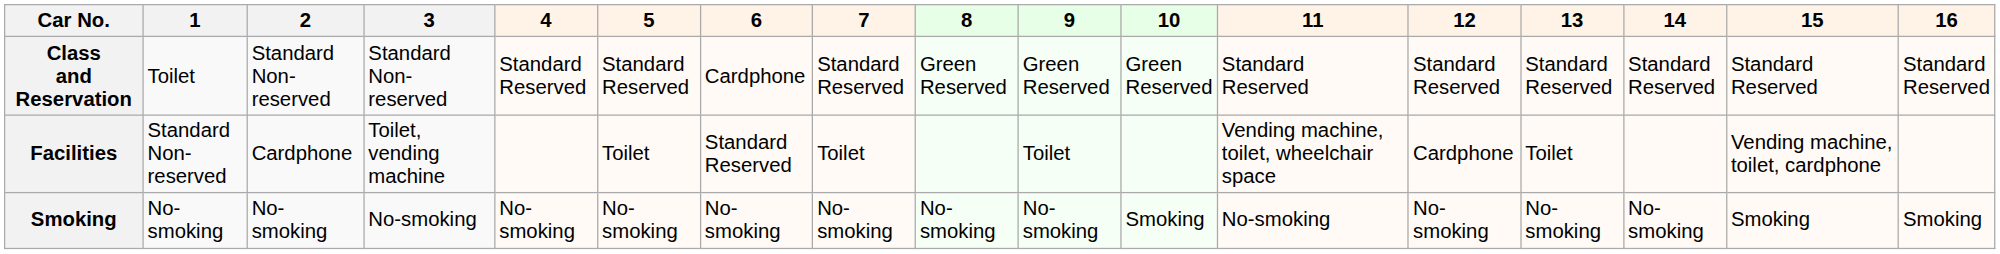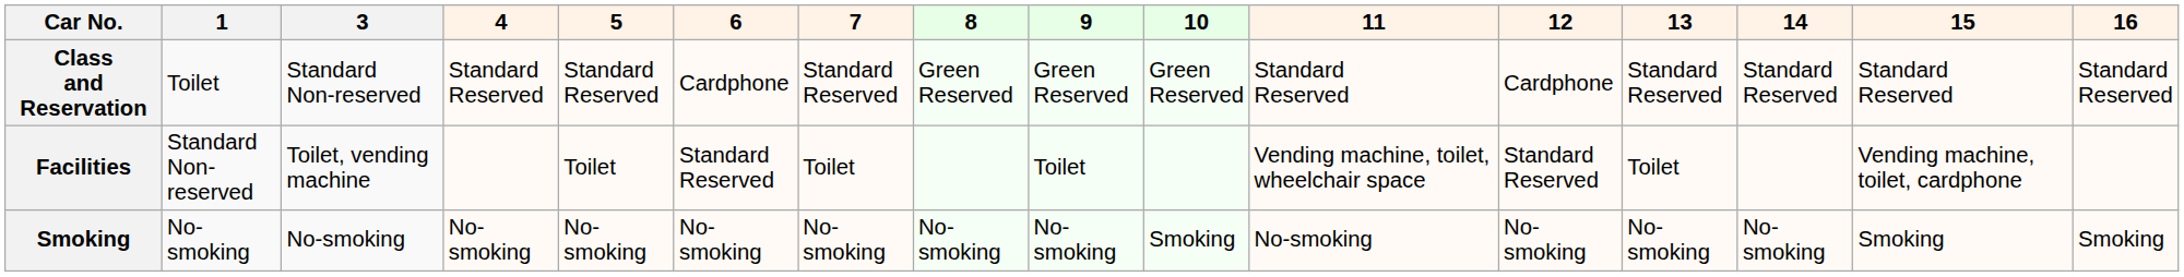 <table class="wikitable">
 <tr>
 <th>Car No.</th>
 <th>1</th>
-<th>2</th>
 <th>3</th>
 <th style="background: #FFF2E6">4</th>
 <th style="background: #FFF2E6">5</th>
 <th style="background: #FFF2E6">6</th>
 <th style="background: #FFF2E6">7</th>
 <th style="background: #E6FFE6">8</th>
 <th style="background: #E6FFE6">9</th>
 <th style="background: #E6FFE6">10</th>
 <th style="background: #FFF2E6">11</th>
 <th style="background: #FFF2E6">12</th>
 <th style="background: #FFF2E6">13</th>
 <th style="background: #FFF2E6">14</th>
 <th style="background: #FFF2E6">15</th>
 <th style="background: #FFF2E6">16</th>
 </tr>
 <tr>
 <th>Class<br>and Reservation</th>
 <td>Toilet</td>
 <td>Standard<br>Non-reserved</td>
-<td>Standard<br>Non-reserved</td>
 <td style="background: #FFFAF5">Standard<br>Reserved</td>
 <td style="background: #FFFAF5">Standard<br>Reserved</td>
 <td style="background: #FFFAF5">Cardphone</td>
 <td style="background: #FFFAF5">Standard<br>Reserved</td>
 <td style="background: #F5FFF5">Green<br>Reserved</td>
 <td style="background: #F5FFF5">Green<br>Reserved</td>
 <td style="background: #F5FFF5">Green<br>Reserved</td>
 <td style="background: #FFFAF5">Standard<br>Reserved</td>
-<td style="background: #FFFAF5">Standard<br>Reserved</td>
+<td style="background: #FFFAF5">Cardphone</td>
 <td style="background: #FFFAF5">Standard<br>Reserved</td>
 <td style="background: #FFFAF5">Standard<br>Reserved</td>
 <td style="background: #FFFAF5">Standard<br>Reserved</td>
 <td style="background: #FFFAF5">Standard<br>Reserved</td>
 </tr>
 <tr>
 <th>Facilities</th>
 <td>Standard<br>Non-reserved</td>
-<td>Cardphone</td>
 <td>Toilet, vending machine</td>
 <td style="background: #FFFAF5"> </td>
 <td style="background: #FFFAF5">Toilet</td>
 <td style="background: #FFFAF5">Standard<br>Reserved</td>
 <td style="background: #FFFAF5">Toilet</td>
 <td style="background: #F5FFF5"> </td>
 <td style="background: #F5FFF5">Toilet</td>
 <td style="background: #F5FFF5"> </td>
 <td style="background: #FFFAF5">Vending machine, toilet, wheelchair space</td>
-<td style="background: #FFFAF5">Cardphone</td>
+<td style="background: #FFFAF5">Standard<br>Reserved</td>
 <td style="background: #FFFAF5">Toilet</td>
 <td style="background: #FFFAF5"> </td>
 <td style="background: #FFFAF5">Vending machine, toilet, cardphone</td>
 <td style="background: #FFFAF5"> </td>
 </tr>
 <tr>
 <th>Smoking</th>
-<td> No-smoking</td>
 <td> No-smoking</td>
 <td> No-smoking</td>
 <td style="background: #FFFAF5"> No-smoking</td>
 <td style="background: #FFFAF5"> No-smoking</td>
 <td style="background: #FFFAF5"> No-smoking</td>
 <td style="background: #FFFAF5"> No-smoking</td>
 <td style="background: #F5FFF5"> No-smoking</td>
 <td style="background: #F5FFF5"> No-smoking</td>
 <td style="background: #F5FFF5"> Smoking</td>
 <td style="background: #FFFAF5"> No-smoking</td>
 <td style="background: #FFFAF5"> No-smoking</td>
 <td style="background: #FFFAF5"> No-smoking</td>
 <td style="background: #FFFAF5"> No-smoking</td>
 <td style="background: #FFFAF5"> Smoking</td>
 <td style="background: #FFFAF5"> Smoking</td>
 </tr>
 </table>
